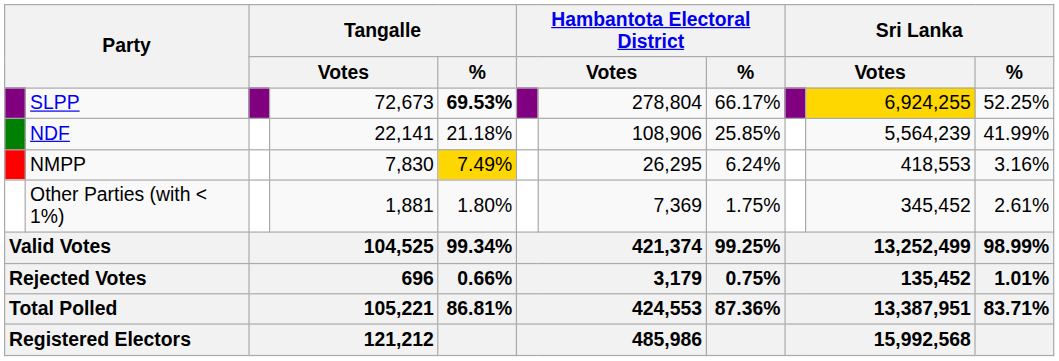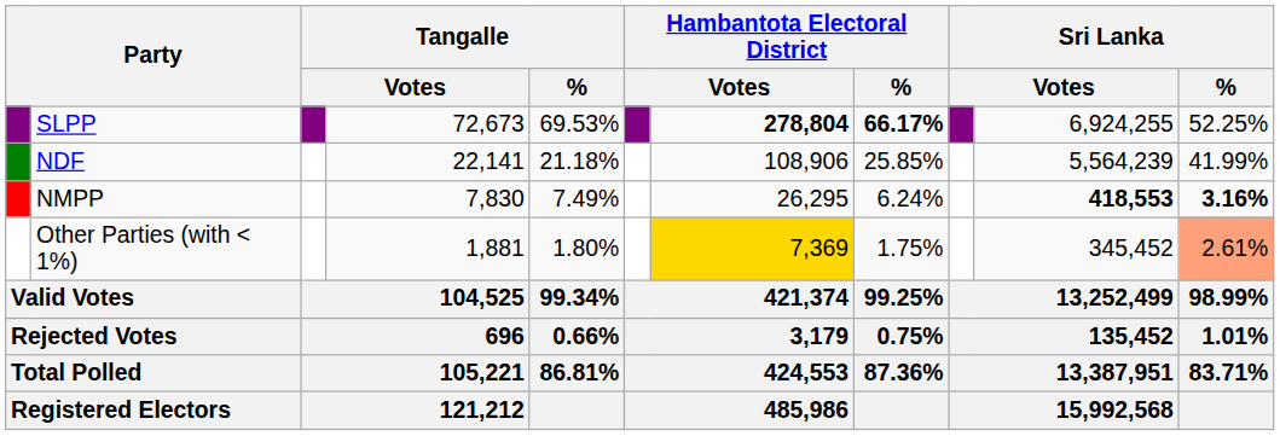 <table class="wikitable">
 <tr>
 <th colspan="2" width="144px"rowspan="2">Party</th>
 <th colspan="3" width="216px">Tangalle</th>
 <th colspan="3" width="216px"><a href='#'>Hambantota Electoral District</a></th>
 <th colspan="3" width="216px">Sri Lanka</th>
 </tr>
 <tr>
 <th colspan="2" width="144px">Votes</th>
 <th>%</th>
 <th colspan="2" width="144px">Votes</th>
 <th>%</th>
 <th colspan="2" width="144px">Votes</th>
 <th>%</th>
 </tr>
 <tr>
 <td style="background-color:purple;" width="10px"></td>
 <td style="text-align:left;"><a href='#'>SLPP</a></td>
 <td style="background-color:purple;" width="10px"></td>
 <td style="text-align:right;">72,673</td>
-<td style="text-align:right;"><strong>69.53%</strong></td>
+<td style="text-align:right;">69.53%</td>
 <td style="background-color:purple;" width="10px"></td>
-<td style="text-align:right;">278,804</td>
-<td style="text-align:right;">66.17%</td>
+<td style="text-align:right;"><strong>278,804</strong></td>
+<td style="text-align:right;"><strong>66.17%</strong></td>
 <td style="background-color:purple;" width="10px"></td>
-<td style="background: gold; text-align:right;">6,924,255</td>
+<td style="text-align:right;">6,924,255</td>
 <td style="text-align:right;">52.25%</td>
 </tr>
 <tr>
 <td style="background-color:green;" width="10px"></td>
 <td style="text-align:left;"><a href='#'>NDF</a></td>
 <td style="background-color:white;" width="10px"></td>
 <td style="text-align:right;">22,141</td>
 <td style="text-align:right;">21.18%</td>
 <td style="background-color:white;" width="10px"></td>
 <td style="text-align:right;">108,906</td>
 <td style="text-align:right;">25.85%</td>
 <td style="background-color:white;" width="10px"></td>
 <td style="text-align:right;">5,564,239</td>
 <td style="text-align:right;">41.99%</td>
 </tr>
 <tr>
 <td style="background-color:red;" width="10px"></td>
 <td style="text-align:left;">NMPP</td>
 <td style="background-color:white;" width="10px"></td>
 <td style="text-align:right;">7,830</td>
-<td style="background: gold; text-align:right;">7.49%</td>
+<td style="text-align:right;">7.49%</td>
 <td style="background-color:white;" width="10px"></td>
 <td style="text-align:right;">26,295</td>
 <td style="text-align:right;">6.24%</td>
 <td style="background-color:white;" width="10px"></td>
-<td style="text-align:right;">418,553</td>
-<td style="text-align:right;">3.16%</td>
+<td style="text-align:right;"><strong>418,553</strong></td>
+<td style="text-align:right;"><strong>3.16%</strong></td>
 </tr>
 <tr>
 <td style="background-color:white;" width="10px"></td>
 <td style="text-align:left;">Other Parties (with < 1%)</td>
 <td style="background-color:white;" width="10px"></td>
 <td style="text-align:right;">1,881</td>
 <td style="text-align:right;">1.80%</td>
 <td style="background-color:white;" width="10px"></td>
-<td style="text-align:right;">7,369</td>
+<td style="background: gold; text-align:right;">7,369</td>
 <td style="text-align:right;">1.75%</td>
 <td style="background-color:white;" width="10px"></td>
 <td style="text-align:right;">345,452</td>
-<td style="text-align:right;">2.61%</td>
+<td style="background: lightsalmon; text-align:right;">2.61%</td>
 </tr>
 <tr>
 <th colspan="2" width="144px"style="text-align:left;">Valid Votes</th>
 <th style="text-align:right;"colspan="2" width="144px">104,525</th>
 <th style="text-align:right;">99.34%</th>
 <th style="text-align:right;"colspan="2" width="144px">421,374</th>
 <th style="text-align:right;">99.25%</th>
 <th style="text-align:right;"colspan="2" width="144px">13,252,499</th>
 <th style="text-align:right;">98.99%</th>
 </tr>
 <tr>
 <th colspan="2" width="144px"style="text-align:left;">Rejected Votes</th>
 <th style="text-align:right;"colspan="2" width="144px">696</th>
 <th style="text-align:right;">0.66%</th>
 <th style="text-align:right;"colspan="2" width="144px">3,179</th>
 <th style="text-align:right;">0.75%</th>
 <th style="text-align:right;"colspan="2" width="144px">135,452</th>
 <th style="text-align:right;">1.01%</th>
 </tr>
 <tr>
 <th colspan="2" width="144px"style="text-align:left;">Total Polled</th>
 <th style="text-align:right;"colspan="2" width="144px">105,221</th>
 <th style="text-align:right;">86.81%</th>
 <th style="text-align:right;"colspan="2" width="144px">424,553</th>
 <th style="text-align:right;">87.36%</th>
 <th style="text-align:right;"colspan="2" width="144px">13,387,951</th>
 <th style="text-align:right;">83.71%</th>
 </tr>
 <tr>
 <th colspan="2" width="144px"style="text-align:left;">Registered Electors</th>
 <th style="text-align:right;"colspan="2" width="144px">121,212</th>
 <th></th>
 <th style="text-align:right;"colspan="2" width="144px">485,986</th>
 <th></th>
 <th style="text-align:right;"colspan="2" width="144px">15,992,568</th>
 <th></th>
 </tr>
 </table>
